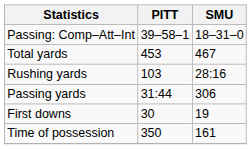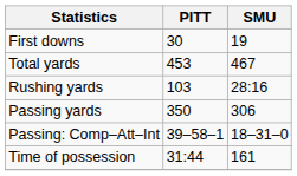 <table class="wikitable" style="float: left;">
 <tr>
 <th>Statistics</th>
 <th>PITT</th>
 <th>SMU</th>
 </tr>
 <tr>
-<td>Passing: Comp–Att–Int</td>
-<td>39–58–1</td>
-<td>18–31–0</td>
+<td>First downs</td>
+<td>30</td>
+<td>19</td>
 </tr>
 <tr>
 <td>Total yards</td>
 <td>453</td>
 <td>467</td>
 </tr>
 <tr>
 <td>Rushing yards</td>
 <td>103</td>
 <td>28:16</td>
 </tr>
 <tr>
 <td>Passing yards</td>
-<td>31:44</td>
+<td>350</td>
 <td>306</td>
 </tr>
 <tr>
-<td>First downs</td>
-<td>30</td>
-<td>19</td>
+<td>Passing: Comp–Att–Int</td>
+<td>39–58–1</td>
+<td>18–31–0</td>
 </tr>
 <tr>
 <td>Time of possession</td>
-<td>350</td>
+<td>31:44</td>
 <td>161</td>
 </tr>
 <tr>
 </tr>
 </table>
